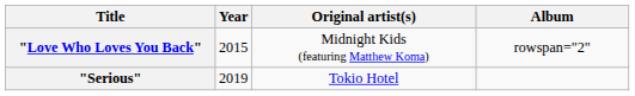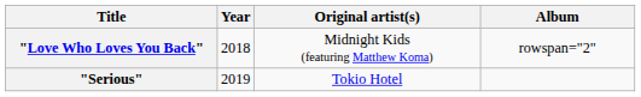 <table class="wikitable plainrowheaders" style="text-align:center;">
 <tr>
 <th rowspan="1" style="width:14em;">Title</th>
 <th rowspan="1">Year</th>
 <th colspan="1" style="width:15em;">Original artist(s)</th>
 <th rowspan="1" style="width:10em;">Album</th>
 </tr>
 <tr>
 <th scope="row">"<a href='#'>Love Who Loves You Back</a>"</th>
-<td>2015</td>
+<td>2018</td>
 <td>Midnight Kids <br><small>(featuring <a href='#'>Matthew Koma</a>)</small></td>
 <td>rowspan="2" </td>
 </tr>
 <tr>
 <th scope="row">"Serious"</th>
 <td>2019</td>
 <td><a href='#'>Tokio Hotel</a></td>
 </tr>
 </table>
